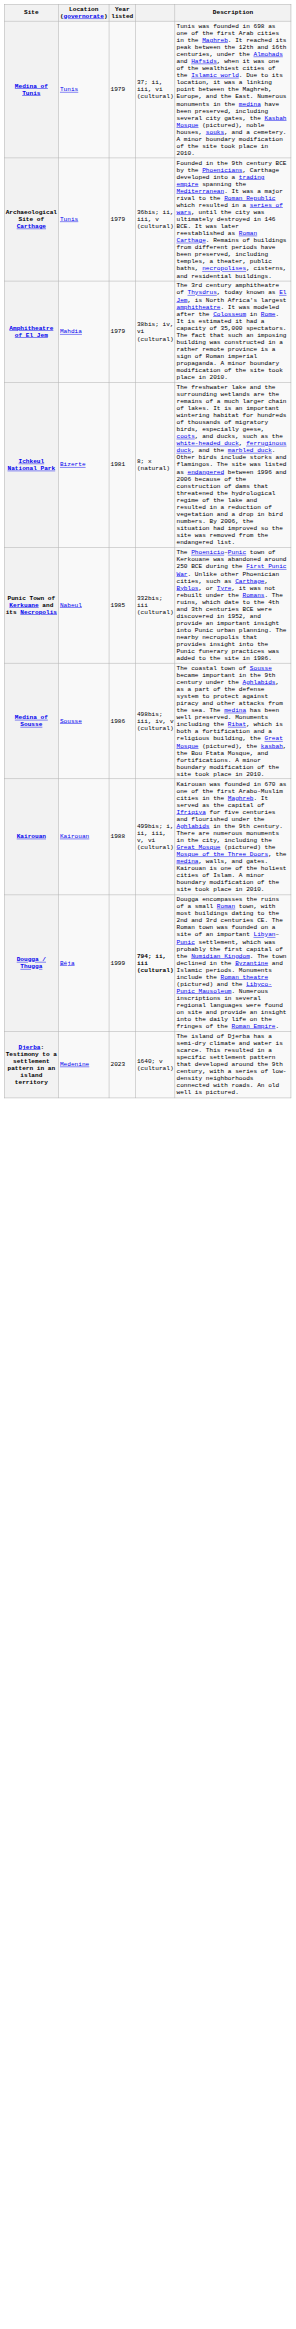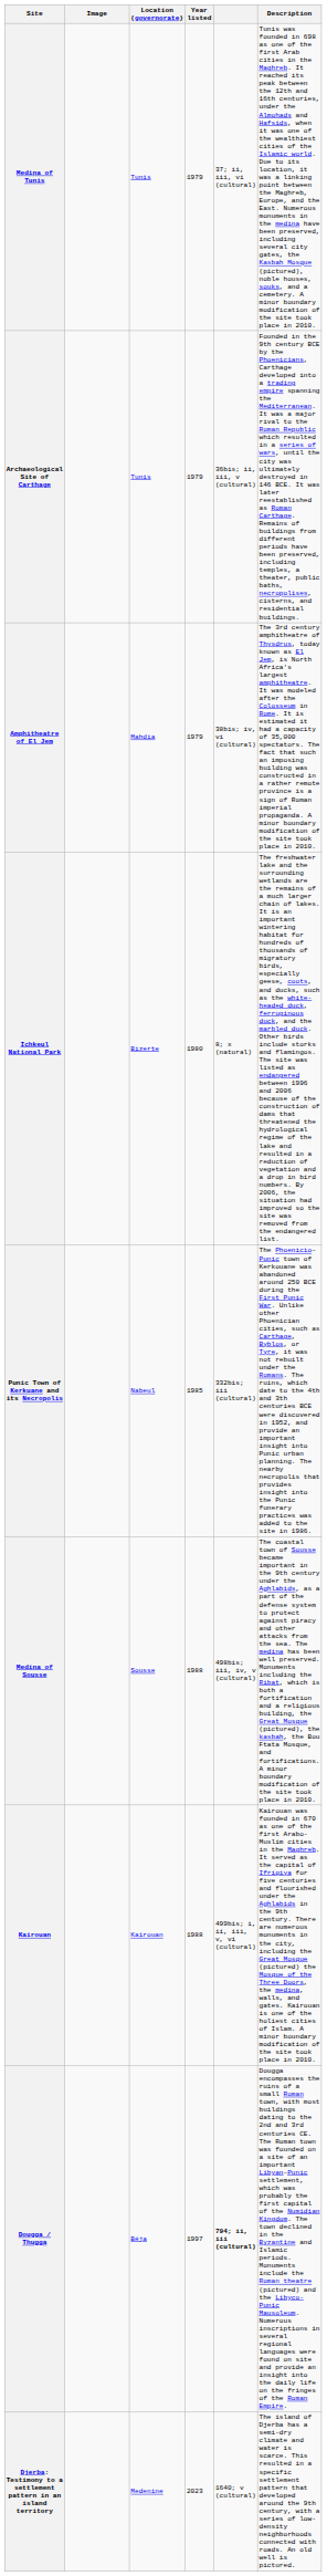 <table class="wikitable sortable plainrowheaders">
 <tr>
 <th style="width:100px;" scope="col">Site</th>
+<th class="unsortable"  style="width:150px;" scope="col">Image</th>
 <th style="width:80px;" scope="col">Location (<a href='#'>governorate</a>)</th>
 <th style="width:50px;" scope="col">Year listed</th>
 <th style="width:60px;" scope="col" data-sort-type="number"></th>
 <th scope="col" class="unsortable">Description</th>
 </tr>
 <tr>
 <th scope="row"><a href='#'>Medina of Tunis</a></th>
+<td></td>
 <td><a href='#'>Tunis</a></td>
 <td>1979</td>
 <td>37; ii, iii, vi (cultural)</td>
 <td>Tunis was founded in 698 as one of the first Arab cities in the <a href='#'>Maghreb</a>. It reached its peak between the 12th and 16th centuries, under the <a href='#'>Almohads</a> and <a href='#'>Hafsids</a>, when it was one of the wealthiest cities of the <a href='#'>Islamic world</a>. Due to its location, it was a linking point between the Maghreb, Europe, and the East. Numerous monuments in the <a href='#'>medina</a> have been preserved, including several city gates, the <a href='#'>Kasbah Mosque</a> (pictured), noble houses, <a href='#'>souks</a>, and a cemetery. A minor boundary modification of the site took place in 2010.</td>
 </tr>
 <tr>
 <th scope="row">Archaeological Site of <a href='#'>Carthage</a></th>
+<td></td>
 <td><a href='#'>Tunis</a></td>
 <td>1979</td>
 <td>36bis; ii, iii, v (cultural)</td>
 <td>Founded in the 9th century BCE by the <a href='#'>Phoenicians</a>, Carthage developed into a <a href='#'>trading empire</a> spanning the <a href='#'>Mediterranean</a>. It was a major rival to the <a href='#'>Roman Republic</a> which resulted in a <a href='#'>series of wars</a>, until the city was ultimately destroyed in 146 BCE. It was later reestablished as <a href='#'>Roman Carthage</a>. Remains of buildings from different periods have been preserved, including temples, a theater, public baths, <a href='#'>necropolises</a>, cisterns, and residential buildings.</td>
 </tr>
 <tr>
 <th scope="row"><a href='#'>Amphitheatre of El Jem</a></th>
+<td></td>
 <td><a href='#'>Mahdia</a></td>
 <td>1979</td>
 <td>38bis; iv, vi (cultural)</td>
 <td>The 3rd century amphitheatre of <a href='#'>Thysdrus</a>, today known as <a href='#'>El Jem</a>, is North Africa's largest <a href='#'>amphitheatre</a>. It was modeled after the <a href='#'>Colosseum</a> in <a href='#'>Rome</a>. It is estimated it had a capacity of 35,000 spectators. The fact that such an imposing building was constructed in a rather remote province is a sign of Roman imperial propaganda. A minor boundary modification of the site took place in 2010.</td>
 </tr>
 <tr>
 <th scope="row"><a href='#'>Ichkeul National Park</a></th>
+<td></td>
 <td><a href='#'>Bizerte</a></td>
-<td>1981</td>
+<td>1980</td>
 <td>8; x (natural)</td>
 <td>The freshwater lake and the surrounding wetlands are the remains of a much larger chain of lakes. It is an important wintering habitat for hundreds of thousands of migratory birds, especially geese, <a href='#'>coots</a>, and ducks, such as the <a href='#'>white-headed duck</a>, <a href='#'>ferruginous duck</a>, and the <a href='#'>marbled duck</a>. Other birds include storks and flamingos. The site was listed as <a href='#'>endangered</a> between 1996 and 2006 because of the construction of dams that threatened the hydrological regime of the lake and resulted in a reduction of vegetation and a drop in bird numbers. By 2006, the situation had improved so the site was removed from the endangered list.</td>
 </tr>
 <tr>
 <th scope="row">Punic Town of <a href='#'>Kerkuane</a> and its <a href='#'>Necropolis</a></th>
+<td></td>
 <td><a href='#'>Nabeul</a></td>
 <td>1985</td>
 <td>332bis; iii (cultural)</td>
 <td>The <a href='#'>Phoenicio</a>–<a href='#'>Punic</a> town of Kerkouane was abandoned around 250 BCE during the <a href='#'>First Punic War</a>. Unlike other Phoenician cities, such as <a href='#'>Carthage</a>, <a href='#'>Byblos</a>, or <a href='#'>Tyre</a>, it was not rebuilt under the <a href='#'>Romans</a>. The ruins, which date to the 4th and 3th centuries BCE were discovered in 1952, and provide an important insight into Punic urban planning. The nearby necropolis that provides insight into the Punic funerary practices was added to the site in 1986.</td>
 </tr>
 <tr>
 <th scope="row"><a href='#'>Medina of Sousse</a></th>
+<td></td>
 <td><a href='#'>Sousse</a></td>
-<td>1986</td>
+<td>1988</td>
 <td>498bis; iii, iv, v (cultural)</td>
 <td>The coastal town of <a href='#'>Sousse</a> became important in the 9th century under the <a href='#'>Aghlabids</a>, as a part of the defense system to protect against piracy and other attacks from the sea. The <a href='#'>medina</a> has been well preserved. Monuments including the <a href='#'>Ribat</a>, which is both a fortification and a religious building, the <a href='#'>Great Mosque</a> (pictured), the <a href='#'>kasbah</a>, the Bou Ftata Mosque, and fortifications. A minor boundary modification of the site took place in 2010.</td>
 </tr>
 <tr>
 <th scope="row"><a href='#'>Kairouan</a></th>
+<td></td>
 <td><a href='#'>Kairouan</a></td>
 <td>1988</td>
 <td>499bis; i, ii, iii, v, vi (cultural)</td>
 <td>Kairouan was founded in 670 as one of the first Arabo-Muslim cities in the <a href='#'>Maghreb</a>. It served as the capital of <a href='#'>Ifriqiya</a> for five centuries and flourished under the <a href='#'>Aghlabids</a> in the 9th century. There are numerous monuments in the city, including the <a href='#'>Great Mosque</a> (pictured) the <a href='#'>Mosque of the Three Doors</a>, the <a href='#'>medina</a>, walls, and gates. Kairouan is one of the holiest cities of Islam.  A minor boundary modification of the site took place in 2010.</td>
 </tr>
 <tr>
 <th scope="row"><a href='#'>Dougga / Thugga</a></th>
+<td></td>
 <td><a href='#'>Béja</a></td>
-<td>1999</td>
+<td>1997</td>
 <td><strong>794; ii, iii (cultural)</strong></td>
 <td>Dougga encompasses the ruins of a small <a href='#'>Roman</a> town, with most buildings dating to the 2nd and 3rd centuries CE. The Roman town was founded on a site of an important <a href='#'>Libyan</a>–<a href='#'>Punic</a> settlement, which was probably the first capital of the <a href='#'>Numidian Kingdom</a>. The town declined in the <a href='#'>Byzantine</a> and Islamic periods. Monuments include the <a href='#'>Roman theatre</a> (pictured) and the <a href='#'>Libyco-Punic Mausoleum</a>. Numerous inscriptions in several regional languages were found on site and provide an insight into the daily life on the fringes of the <a href='#'>Roman Empire</a>.</td>
 </tr>
 <tr>
 <th scope="row"><a href='#'>Djerba</a>: Testimony to a settlement pattern in an island territory</th>
+<td></td>
 <td><a href='#'>Medenine</a></td>
 <td>2023</td>
 <td>1640; v (cultural)</td>
 <td>The island of Djerba has a semi-dry climate and water is scarce. This resulted in a specific settlement pattern that developed around the 9th century, with a series of low-density neighborhoods connected with  roads. An old well is pictured.</td>
 </tr>
 </table>
